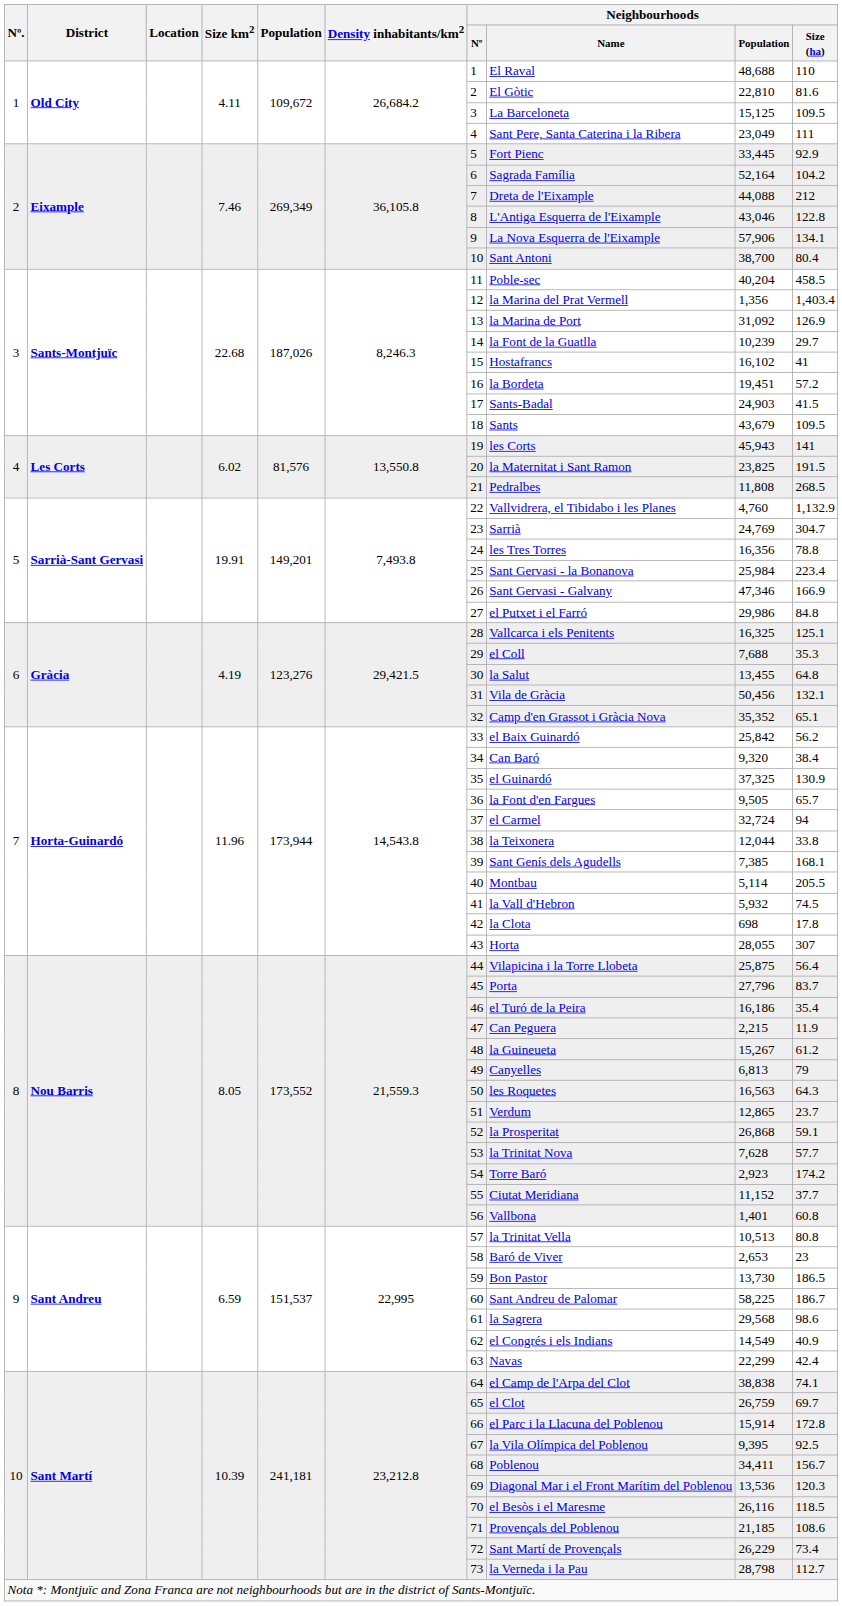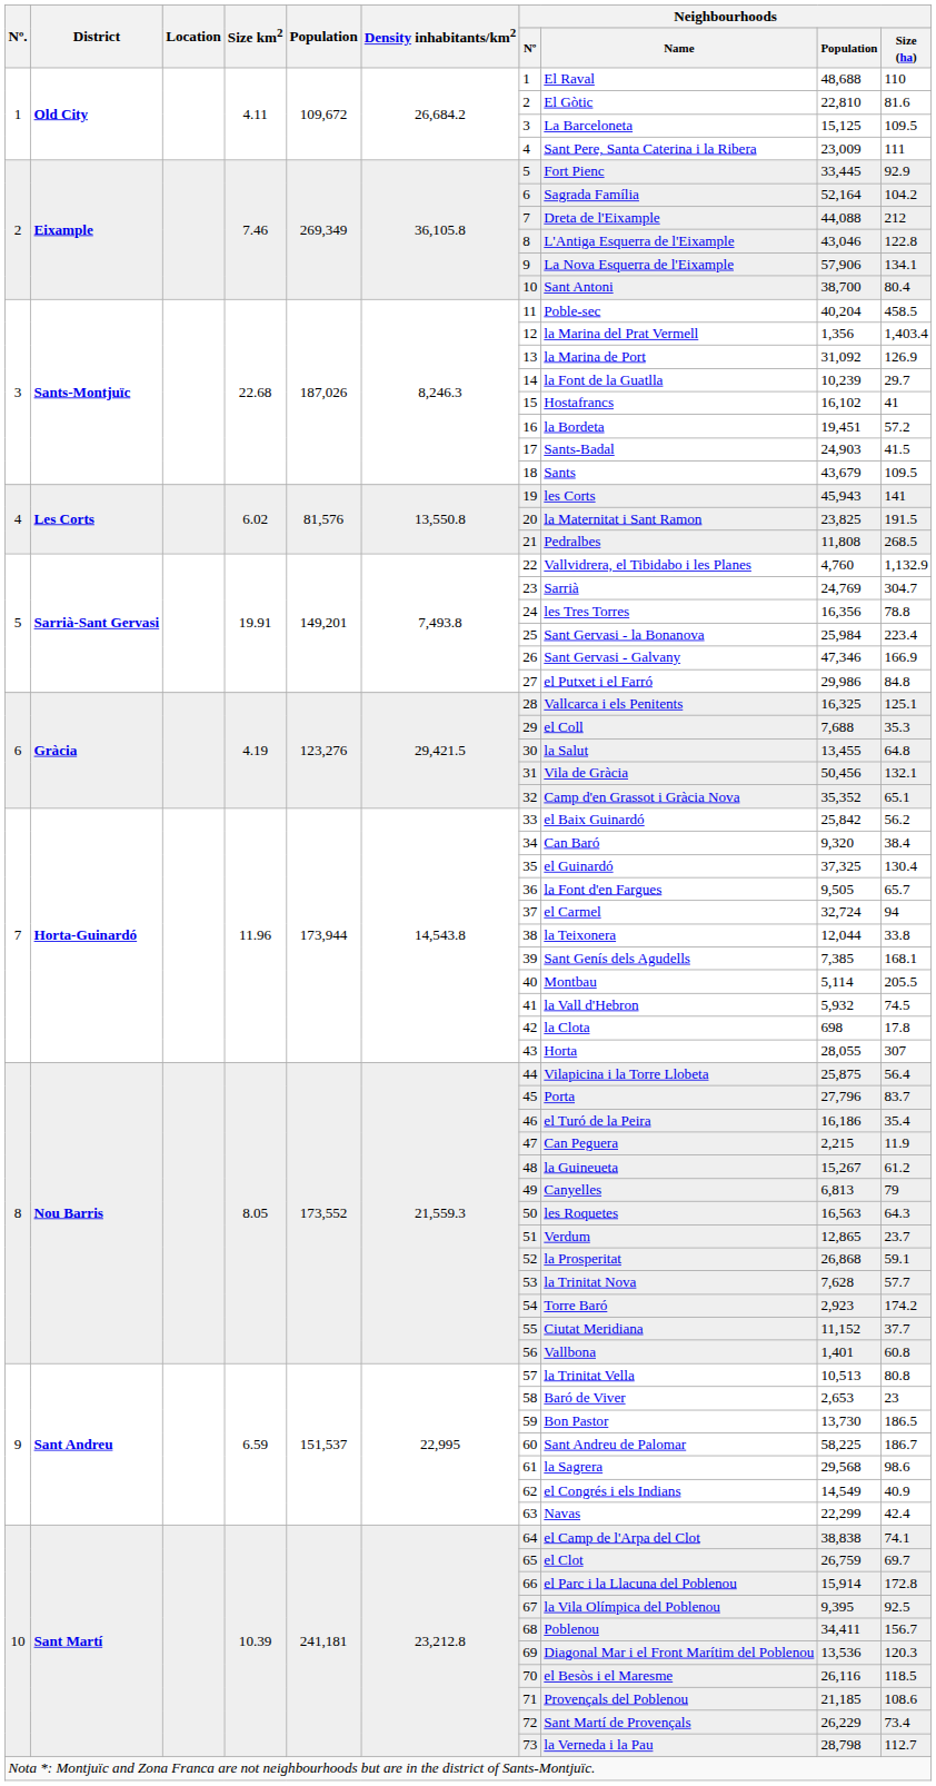 <table class="wikitable">
 <tr bgcolor=silver>
 <th rowspan=2 align="center"><strong>Nº.</strong></th>
 <th rowspan=2 align="center"><strong>District</strong></th>
 <th rowspan=2>Location</th>
 <th rowspan=2 align="center"><strong>Size km<sup>2</sup></strong></th>
 <th rowspan=2 align="center"><strong>Population</strong></th>
 <th rowspan=2 align="center"><strong><a href='#'>Density</a> inhabitants/km<sup>2</sup></strong></th>
 <th colspan="4" align="center"><strong>Neighbourhoods</strong></th>
 </tr>
 <tr bgcolor=silver>
 <th><small>Nº</small></th>
 <th><small>Name</small></th>
 <th><small>Population</small></th>
 <th><small>Size<br>(<a href='#'>ha</a>)</small></th>
 </tr>
 <tr bgcolor="ffffff">
 <td rowspan="4" align=center>1</td>
 <td rowspan="4" align="left"><strong><a href='#'>Old City</a></strong></td>
 <td rowspan="4"></td>
 <td rowspan="4" align=center>4.11</td>
 <td rowspan="4" align=center>109,672</td>
 <td rowspan="4" align=center>26,684.2</td>
 <td>1</td>
 <td align="left"><a href='#'>El Raval</a></td>
 <td>48,688</td>
 <td>110</td>
 </tr>
 <tr bgcolor="ffffff">
 <td>2</td>
 <td><a href='#'>El Gòtic</a></td>
 <td>22,810</td>
 <td>81.6</td>
 </tr>
 <tr bgcolor="ffffff">
 <td>3</td>
 <td><a href='#'>La Barceloneta</a></td>
 <td>15,125</td>
 <td>109.5</td>
 </tr>
 <tr bgcolor="ffffff">
 <td>4</td>
 <td><a href='#'>Sant Pere, Santa Caterina i la Ribera</a></td>
-<td>23,049</td>
+<td>23,009</td>
 <td>111</td>
 </tr>
 <tr bgcolor="efefef">
 <td rowspan="6" align=center>2</td>
 <td rowspan="6" align="left"><strong><a href='#'>Eixample</a></strong></td>
 <td rowspan="6"></td>
 <td rowspan="6" align=center>7.46</td>
 <td rowspan="6" align=center>269,349</td>
 <td rowspan="6" align=center>36,105.8</td>
 <td>5</td>
 <td align="left"><a href='#'>Fort Pienc</a></td>
 <td>33,445</td>
 <td>92.9</td>
 </tr>
 <tr bgcolor="efefef">
 <td>6</td>
 <td><a href='#'>Sagrada Família</a></td>
 <td>52,164</td>
 <td>104.2</td>
 </tr>
 <tr bgcolor="efefef">
 <td>7</td>
 <td><a href='#'>Dreta de l'Eixample</a></td>
 <td>44,088</td>
 <td>212</td>
 </tr>
 <tr bgcolor="efefef">
 <td>8</td>
 <td><a href='#'>L'Antiga Esquerra de l'Eixample</a></td>
 <td>43,046</td>
 <td>122.8</td>
 </tr>
 <tr bgcolor="efefef">
 <td>9</td>
 <td><a href='#'>La Nova Esquerra de l'Eixample</a></td>
 <td>57,906</td>
 <td>134.1</td>
 </tr>
 <tr bgcolor="efefef">
 <td>10</td>
 <td><a href='#'>Sant Antoni</a></td>
 <td>38,700</td>
 <td>80.4</td>
 </tr>
 <tr bgcolor="ffffff">
 <td rowspan="8" align=center>3</td>
 <td rowspan="8" align="left"><strong><a href='#'>Sants-Montjuïc</a></strong></td>
 <td rowspan="8"></td>
 <td rowspan="8" align=center>22.68</td>
 <td rowspan="8" align=center>187,026</td>
 <td rowspan="8" align=center>8,246.3</td>
 <td>11</td>
 <td align="left"><a href='#'>Poble-sec</a></td>
 <td>40,204</td>
 <td>458.5</td>
 </tr>
 <tr bgcolor="ffffff">
 <td>12</td>
 <td><a href='#'>la Marina del Prat Vermell</a></td>
 <td>1,356</td>
 <td>1,403.4</td>
 </tr>
 <tr bgcolor="ffffff">
 <td>13</td>
 <td><a href='#'>la Marina de Port</a></td>
 <td>31,092</td>
 <td>126.9</td>
 </tr>
 <tr bgcolor="ffffff">
 <td>14</td>
 <td><a href='#'>la Font de la Guatlla</a></td>
 <td>10,239</td>
 <td>29.7</td>
 </tr>
 <tr bgcolor="ffffff">
 <td>15</td>
 <td><a href='#'>Hostafrancs</a></td>
 <td>16,102</td>
 <td>41</td>
 </tr>
 <tr bgcolor="ffffff">
 <td>16</td>
 <td><a href='#'>la Bordeta</a></td>
 <td>19,451</td>
 <td>57.2</td>
 </tr>
 <tr bgcolor="ffffff">
 <td>17</td>
 <td><a href='#'>Sants-Badal</a></td>
 <td>24,903</td>
 <td>41.5</td>
 </tr>
 <tr bgcolor="ffffff">
 <td>18</td>
 <td><a href='#'>Sants</a></td>
 <td>43,679</td>
 <td>109.5</td>
 </tr>
 <tr bgcolor="efefef">
 <td rowspan="3" align=center>4</td>
 <td rowspan="3" align="left"><strong><a href='#'>Les Corts</a></strong></td>
 <td rowspan="3"></td>
 <td rowspan="3" align=center>6.02</td>
 <td rowspan="3" align=center>81,576</td>
 <td rowspan="3" align=center>13,550.8</td>
 <td>19</td>
 <td align="left"><a href='#'>les Corts</a></td>
 <td>45,943</td>
 <td>141</td>
 </tr>
 <tr bgcolor="efefef">
 <td>20</td>
 <td><a href='#'>la Maternitat i Sant Ramon</a></td>
 <td>23,825</td>
 <td>191.5</td>
 </tr>
 <tr bgcolor="efefef">
 <td>21</td>
 <td><a href='#'>Pedralbes</a></td>
 <td>11,808</td>
 <td>268.5</td>
 </tr>
 <tr bgcolor="ffffff">
 <td rowspan="6" align=center>5</td>
 <td rowspan="6" align="left"><strong><a href='#'>Sarrià-Sant Gervasi</a></strong></td>
 <td rowspan="6"></td>
 <td rowspan="6" align=center>19.91</td>
 <td rowspan="6" align=center>149,201</td>
 <td rowspan="6" align=center>7,493.8</td>
 <td>22</td>
 <td align="left"><a href='#'>Vallvidrera, el Tibidabo i les Planes</a></td>
 <td>4,760</td>
 <td>1,132.9</td>
 </tr>
 <tr bgcolor="ffffff">
 <td>23</td>
 <td><a href='#'>Sarrià</a></td>
 <td>24,769</td>
 <td>304.7</td>
 </tr>
 <tr bgcolor="ffffff">
 <td>24</td>
 <td><a href='#'>les Tres Torres</a></td>
 <td>16,356</td>
 <td>78.8</td>
 </tr>
 <tr bgcolor="ffffff">
 <td>25</td>
 <td><a href='#'>Sant Gervasi - la Bonanova</a></td>
 <td>25,984</td>
 <td>223.4</td>
 </tr>
 <tr bgcolor="ffffff">
 <td>26</td>
 <td><a href='#'>Sant Gervasi - Galvany</a></td>
 <td>47,346</td>
 <td>166.9</td>
 </tr>
 <tr bgcolor="ffffff">
 <td>27</td>
 <td><a href='#'>el Putxet i el Farró</a></td>
 <td>29,986</td>
 <td>84.8</td>
 </tr>
 <tr bgcolor="efefef">
 <td rowspan="5" align=center>6</td>
 <td rowspan="5" align="left"><strong><a href='#'>Gràcia</a></strong></td>
 <td rowspan="5"></td>
 <td rowspan="5" align=center>4.19</td>
 <td rowspan="5" align=center>123,276</td>
 <td rowspan="5" align=center>29,421.5</td>
 <td>28</td>
 <td align="left"><a href='#'>Vallcarca i els Penitents</a></td>
 <td>16,325</td>
 <td>125.1</td>
 </tr>
 <tr bgcolor="efefef">
 <td>29</td>
 <td><a href='#'>el Coll</a></td>
 <td>7,688</td>
 <td>35.3</td>
 </tr>
 <tr bgcolor="efefef">
 <td>30</td>
 <td><a href='#'>la Salut</a></td>
 <td>13,455</td>
 <td>64.8</td>
 </tr>
 <tr bgcolor="efefef">
 <td>31</td>
 <td><a href='#'>Vila de Gràcia</a></td>
 <td>50,456</td>
 <td>132.1</td>
 </tr>
 <tr bgcolor="efefef">
 <td>32</td>
 <td><a href='#'>Camp d'en Grassot i Gràcia Nova</a></td>
 <td>35,352</td>
 <td>65.1</td>
 </tr>
 <tr bgcolor="ffffff">
 <td rowspan="11" align=center>7</td>
 <td rowspan="11" align="left"><strong><a href='#'>Horta-Guinardó</a></strong></td>
 <td rowspan="11"></td>
 <td rowspan="11" align=center>11.96</td>
 <td rowspan="11" align=center>173,944</td>
 <td rowspan="11" align=center>14,543.8</td>
 <td>33</td>
 <td align="left"><a href='#'>el Baix Guinardó</a></td>
 <td>25,842</td>
 <td>56.2</td>
 </tr>
 <tr bgcolor="ffffff">
 <td>34</td>
 <td><a href='#'>Can Baró</a></td>
 <td>9,320</td>
 <td>38.4</td>
 </tr>
 <tr bgcolor="ffffff">
 <td>35</td>
 <td><a href='#'>el Guinardó</a></td>
 <td>37,325</td>
-<td>130.9</td>
+<td>130.4</td>
 </tr>
 <tr bgcolor="ffffff">
 <td>36</td>
 <td><a href='#'>la Font d'en Fargues</a></td>
 <td>9,505</td>
 <td>65.7</td>
 </tr>
 <tr bgcolor="ffffff">
 <td>37</td>
 <td><a href='#'>el Carmel</a></td>
 <td>32,724</td>
 <td>94</td>
 </tr>
 <tr bgcolor="ffffff">
 <td>38</td>
 <td><a href='#'>la Teixonera</a></td>
 <td>12,044</td>
 <td>33.8</td>
 </tr>
 <tr bgcolor="ffffff">
 <td>39</td>
 <td><a href='#'>Sant Genís dels Agudells</a></td>
 <td>7,385</td>
 <td>168.1</td>
 </tr>
 <tr bgcolor="ffffff">
 <td>40</td>
 <td><a href='#'>Montbau</a></td>
 <td>5,114</td>
 <td>205.5</td>
 </tr>
 <tr bgcolor="ffffff">
 <td>41</td>
 <td><a href='#'>la Vall d'Hebron</a></td>
 <td>5,932</td>
 <td>74.5</td>
 </tr>
 <tr bgcolor="ffffff">
 <td>42</td>
 <td><a href='#'>la Clota</a></td>
 <td>698</td>
 <td>17.8</td>
 </tr>
 <tr bgcolor="ffffff">
 <td>43</td>
 <td><a href='#'>Horta</a></td>
 <td>28,055</td>
 <td>307</td>
 </tr>
 <tr bgcolor="efefef">
 <td rowspan="13" align=center>8</td>
 <td rowspan="13" align="left"><strong><a href='#'>Nou Barris</a></strong></td>
 <td rowspan="13"></td>
 <td rowspan="13" align=center>8.05</td>
 <td rowspan="13" align=center>173,552</td>
 <td rowspan="13" align=center>21,559.3</td>
 <td>44</td>
 <td align="left"><a href='#'>Vilapicina i la Torre Llobeta</a></td>
 <td>25,875</td>
 <td>56.4</td>
 </tr>
 <tr bgcolor="efefef">
 <td>45</td>
 <td><a href='#'>Porta</a></td>
 <td>27,796</td>
 <td>83.7</td>
 </tr>
 <tr bgcolor="efefef">
 <td>46</td>
 <td><a href='#'>el Turó de la Peira</a></td>
 <td>16,186</td>
 <td>35.4</td>
 </tr>
 <tr bgcolor="efefef">
 <td>47</td>
 <td><a href='#'>Can Peguera</a></td>
 <td>2,215</td>
 <td>11.9</td>
 </tr>
 <tr bgcolor="efefef">
 <td>48</td>
 <td><a href='#'>la Guineueta</a></td>
 <td>15,267</td>
 <td>61.2</td>
 </tr>
 <tr bgcolor="efefef">
 <td>49</td>
 <td><a href='#'>Canyelles</a></td>
 <td>6,813</td>
 <td>79</td>
 </tr>
 <tr bgcolor="efefef">
 <td>50</td>
 <td><a href='#'>les Roquetes</a></td>
 <td>16,563</td>
 <td>64.3</td>
 </tr>
 <tr bgcolor="efefef">
 <td>51</td>
 <td><a href='#'>Verdum</a></td>
 <td>12,865</td>
 <td>23.7</td>
 </tr>
 <tr bgcolor="efefef">
 <td>52</td>
 <td><a href='#'>la Prosperitat</a></td>
 <td>26,868</td>
 <td>59.1</td>
 </tr>
 <tr bgcolor="efefef">
 <td>53</td>
 <td><a href='#'>la Trinitat Nova</a></td>
 <td>7,628</td>
 <td>57.7</td>
 </tr>
 <tr bgcolor="efefef">
 <td>54</td>
 <td><a href='#'>Torre Baró</a></td>
 <td>2,923</td>
 <td>174.2</td>
 </tr>
 <tr bgcolor="efefef">
 <td>55</td>
 <td><a href='#'>Ciutat Meridiana</a></td>
 <td>11,152</td>
 <td>37.7</td>
 </tr>
 <tr bgcolor="efefef">
 <td>56</td>
 <td><a href='#'>Vallbona</a></td>
 <td>1,401</td>
 <td>60.8</td>
 </tr>
 <tr bgcolor="ffffff">
 <td rowspan="7" align=center>9</td>
 <td rowspan="7" align="left"><strong><a href='#'>Sant Andreu</a></strong></td>
 <td rowspan="7"></td>
 <td rowspan="7" align=center>6.59</td>
 <td rowspan="7" align=center>151,537</td>
 <td rowspan="7" align=center>22,995</td>
 <td>57</td>
 <td align="left"><a href='#'>la Trinitat Vella</a></td>
 <td>10,513</td>
 <td>80.8</td>
 </tr>
 <tr bgcolor="ffffff">
 <td>58</td>
 <td><a href='#'>Baró de Viver</a></td>
 <td>2,653</td>
 <td>23</td>
 </tr>
 <tr bgcolor="ffffff">
 <td>59</td>
 <td><a href='#'>Bon Pastor</a></td>
 <td>13,730</td>
 <td>186.5</td>
 </tr>
 <tr bgcolor="ffffff">
 <td>60</td>
 <td><a href='#'>Sant Andreu de Palomar</a></td>
 <td>58,225</td>
 <td>186.7</td>
 </tr>
 <tr bgcolor="ffffff">
 <td>61</td>
 <td><a href='#'>la Sagrera</a></td>
 <td>29,568</td>
 <td>98.6</td>
 </tr>
 <tr bgcolor="ffffff">
 <td>62</td>
 <td><a href='#'>el Congrés i els Indians</a></td>
 <td>14,549</td>
 <td>40.9</td>
 </tr>
 <tr bgcolor="ffffff">
 <td>63</td>
 <td><a href='#'>Navas</a></td>
 <td>22,299</td>
 <td>42.4</td>
 </tr>
 <tr bgcolor="efefef">
 <td rowspan="10" align=center>10</td>
 <td rowspan="10" align="left"><strong><a href='#'>Sant Martí</a></strong></td>
 <td rowspan="10"></td>
 <td rowspan="10" align=center>10.39</td>
 <td rowspan="10" align=center>241,181</td>
 <td rowspan="10" align=center>23,212.8</td>
 <td>64</td>
 <td align="left"><a href='#'>el Camp de l'Arpa del Clot</a></td>
 <td>38,838</td>
 <td>74.1</td>
 </tr>
 <tr bgcolor="efefef">
 <td>65</td>
 <td><a href='#'>el Clot</a></td>
 <td>26,759</td>
 <td>69.7</td>
 </tr>
 <tr bgcolor="efefef">
 <td>66</td>
 <td><a href='#'>el Parc i la Llacuna del Poblenou</a></td>
 <td>15,914</td>
 <td>172.8</td>
 </tr>
 <tr bgcolor="efefef">
 <td>67</td>
 <td><a href='#'>la Vila Olímpica del Poblenou</a></td>
 <td>9,395</td>
 <td>92.5</td>
 </tr>
 <tr bgcolor="efefef">
 <td>68</td>
 <td><a href='#'>Poblenou</a></td>
 <td>34,411</td>
 <td>156.7</td>
 </tr>
 <tr bgcolor="efefef">
 <td>69</td>
 <td><a href='#'>Diagonal Mar i el Front Marítim del Poblenou</a></td>
 <td>13,536</td>
 <td>120.3</td>
 </tr>
 <tr bgcolor="efefef">
 <td>70</td>
 <td><a href='#'>el Besòs i el Maresme</a></td>
 <td>26,116</td>
 <td>118.5</td>
 </tr>
 <tr bgcolor="efefef">
 <td>71</td>
 <td><a href='#'>Provençals del Poblenou</a></td>
 <td>21,185</td>
 <td>108.6</td>
 </tr>
 <tr bgcolor="efefef">
 <td>72</td>
 <td><a href='#'>Sant Martí de Provençals</a></td>
 <td>26,229</td>
 <td>73.4</td>
 </tr>
 <tr bgcolor="efefef">
 <td>73</td>
 <td><a href='#'>la Verneda i la Pau</a></td>
 <td>28,798</td>
 <td>112.7</td>
 </tr>
 <tr class="unsortable">
 <td colspan="11" align="left"><em> Nota *: Montjuïc and Zona Franca are not neighbourhoods but are in the district of Sants-Montjuïc.</em></td>
 </tr>
 </table>
